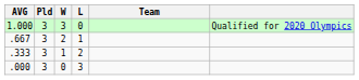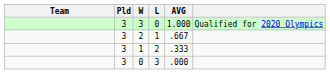 <table class="wikitable" style="text-align:center;">
 <tr>
-<th width=30 abbr="Average">AVG</th>
+<th width=175>Team</th>
 <th width=20 abbr="Played">Pld</th>
 <th width=20 abbr="Won">W</th>
 <th width=20 abbr="Lost">L</th>
-<th width=175>Team</th>
+<th width=30 abbr="Average">AVG</th>
 <th></th>
 </tr>
 <tr style="background:#ccffcc">
-<td>1.000</td>
+<td align=left></td>
 <td>3</td>
 <td>3</td>
 <td>0</td>
-<td align=left></td>
+<td>1.000</td>
 <td>Qualified for <a href='#'>2020 Olympics</a></td>
 </tr>
 <tr>
-<td>.667</td>
+<td align=left></td>
 <td>3</td>
 <td>2</td>
 <td>1</td>
-<td align=left></td>
+<td>.667</td>
 <td></td>
 </tr>
 <tr>
-<td>.333</td>
+<td align=left></td>
 <td>3</td>
 <td>1</td>
 <td>2</td>
-<td align=left></td>
+<td>.333</td>
 <td></td>
 </tr>
 <tr>
-<td>.000</td>
+<td align=left></td>
 <td>3</td>
 <td>0</td>
 <td>3</td>
-<td align=left></td>
+<td>.000</td>
 <td></td>
 </tr>
 </table>
